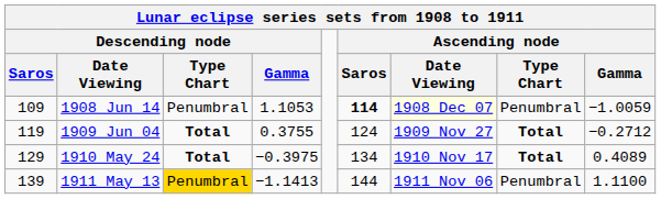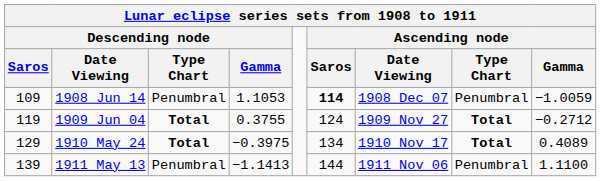 <table class="wikitable mw-collapsible mw-collapsed">
 <tr>
 <th class="nowrap" colspan="9"><a href='#'>Lunar eclipse</a> series sets from 1908 to 1911</th>
 </tr>
 <tr>
 <th scope="col" colspan="4">Descending node</th>
 <td rowspan="11"> </td>
 <th scope="col" colspan="4">Ascending node</th>
 </tr>
 <tr style="text-align: center;">
 <th scope="col"><a href='#'>Saros</a></th>
 <th scope="col">Date<br>Viewing</th>
 <th scope="col">Type<br>Chart</th>
 <th scope="col"><a href='#'>Gamma</a></th>
 <th scope="col">Saros</th>
 <th scope="col">Date<br>Viewing</th>
 <th scope="col">Type<br>Chart</th>
 <th scope="col">Gamma</th>
 </tr>
 <tr style="text-align: center;">
 <td>109</td>
 <td><a href='#'>1908 Jun 14</a><br></td>
 <td style="text-align:center;">Penumbral<br></td>
 <td>1.1053</td>
 <td><strong>114</strong></td>
-<td style="background: lightyellow;"><a href='#'>1908 Dec 07</a><br></td>
+<td><a href='#'>1908 Dec 07</a><br></td>
 <td style="text-align:center;">Penumbral<br></td>
 <td>−1.0059</td>
 </tr>
 <tr style="text-align: center;">
 <td>119</td>
 <td><a href='#'>1909 Jun 04</a><br></td>
 <td style="text-align:center;"><strong>Total</strong><br></td>
 <td>0.3755</td>
 <td>124</td>
 <td><a href='#'>1909 Nov 27</a><br></td>
 <td style="text-align:center;"><strong>Total</strong><br></td>
 <td>−0.2712</td>
 </tr>
 <tr style="text-align: center;">
 <td>129</td>
 <td><a href='#'>1910 May 24</a><br></td>
 <td style="text-align:center;"><strong>Total</strong><br></td>
 <td>−0.3975</td>
 <td>134</td>
 <td><a href='#'>1910 Nov 17</a><br></td>
 <td style="text-align:center;"><strong>Total</strong><br></td>
 <td>0.4089</td>
 </tr>
 <tr style="text-align: center;">
 <td>139</td>
 <td><a href='#'>1911 May 13</a><br></td>
-<td style="background: gold; text-align:center;">Penumbral<br></td>
+<td style="text-align:center;">Penumbral<br></td>
 <td>−1.1413</td>
 <td>144</td>
 <td><a href='#'>1911 Nov 06</a><br></td>
 <td style="text-align:center;">Penumbral<br></td>
 <td>1.1100</td>
 </tr>
 </table>
